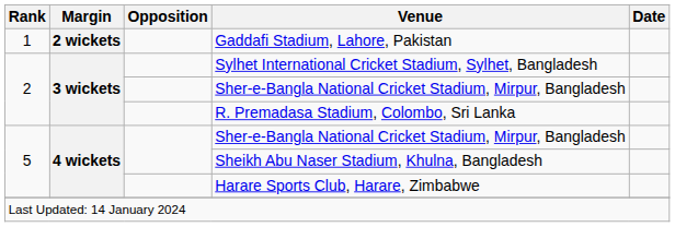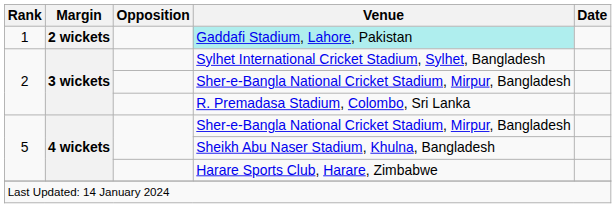 <table class="wikitable sortable">
 <tr>
 <th scope=col>Rank</th>
 <th scope=col>Margin</th>
 <th scope=col>Opposition</th>
 <th scope=col>Venue</th>
 <th scope=col>Date</th>
 </tr>
 <tr>
 <td align=center>1</td>
 <th scope=row style=text-align:center>2 wickets</th>
 <td></td>
-<td><a href='#'>Gaddafi Stadium</a>, <a href='#'>Lahore</a>, Pakistan</td>
+<td style="background: paleturquoise;"><a href='#'>Gaddafi Stadium</a>, <a href='#'>Lahore</a>, Pakistan</td>
 <td></td>
 </tr>
 <tr>
 <td align=center rowspan=3>2</td>
 <th scope=row style=text-align:center rowspan=3>3 wickets</th>
 <td></td>
 <td><a href='#'>Sylhet International Cricket Stadium</a>, <a href='#'>Sylhet</a>, Bangladesh</td>
 <td></td>
 </tr>
 <tr>
 <td></td>
 <td><a href='#'>Sher-e-Bangla National Cricket Stadium</a>, <a href='#'>Mirpur</a>, Bangladesh</td>
 <td></td>
 </tr>
 <tr>
 <td></td>
 <td><a href='#'>R. Premadasa Stadium</a>, <a href='#'>Colombo</a>, Sri Lanka</td>
 <td></td>
 </tr>
 <tr>
 <td align=center rowspan=3>5</td>
 <th scope=row style=text-align:center rowspan=3>4 wickets</th>
 <td rowspan=2></td>
 <td><a href='#'>Sher-e-Bangla National Cricket Stadium</a>, <a href='#'>Mirpur</a>, Bangladesh</td>
 <td></td>
 </tr>
 <tr>
 <td><a href='#'>Sheikh Abu Naser Stadium</a>, <a href='#'>Khulna</a>, Bangladesh</td>
 <td></td>
 </tr>
 <tr>
 <td></td>
 <td><a href='#'>Harare Sports Club</a>, <a href='#'>Harare</a>, Zimbabwe</td>
 <td></td>
 </tr>
 <tr>
 </tr>
 <tr class=sortbottom>
 <td colspan=5><small>Last Updated: 14 January 2024</small></td>
 </tr>
 </table>
